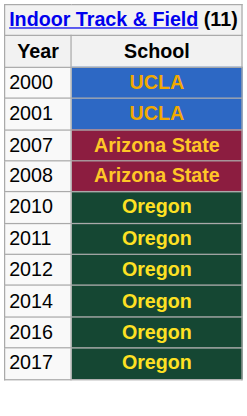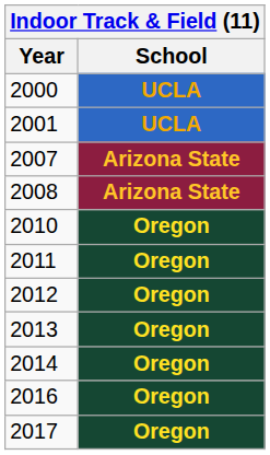 <table class="wikitable">
 <tr>
 <th colspan=2><a href='#'>Indoor Track & Field</a> (11)</th>
 </tr>
 <tr>
 <th>Year</th>
 <th>School</th>
 </tr>
 <tr>
 <td>2000</td>
 <th style="background:#2D68C4; color:#F2A900;">UCLA</th>
 </tr>
 <tr>
 <td>2001</td>
 <th style="background:#2D68C4; color:#F2A900;">UCLA</th>
 </tr>
 <tr>
 <td>2007</td>
 <th style="background:#8C1D40; color:#FFC627;">Arizona State</th>
 </tr>
 <tr>
 <td>2008</td>
 <th style="background:#8C1D40; color:#FFC627;">Arizona State</th>
 </tr>
 <tr>
 <td>2010</td>
 <th style="background:#154733; color:#FEE123;">Oregon</th>
 </tr>
 <tr>
 <td>2011</td>
 <th style="background:#154733; color:#FEE123;">Oregon</th>
 </tr>
 <tr>
 <td>2012</td>
 <th style="background:#154733; color:#FEE123;">Oregon</th>
 </tr>
 <tr>
+<td>2013</td>
+<th style="background:#154733; color:#FEE123;">Oregon</th>
+</tr>
+<tr>
 <td>2014</td>
 <th style="background:#154733; color:#FEE123;">Oregon</th>
 </tr>
 <tr>
 <td>2016</td>
 <th style="background:#154733; color:#FEE123;">Oregon</th>
 </tr>
 <tr>
 <td>2017</td>
 <th style="background:#154733; color:#FEE123;">Oregon</th>
 </tr>
 </table>
